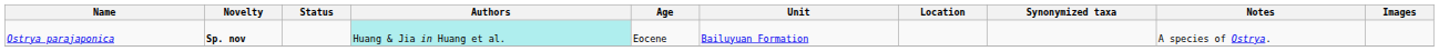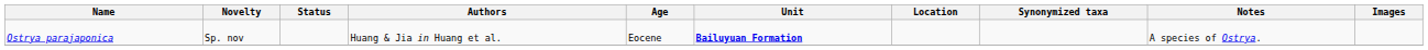 <table class="wikitable sortable" align="center" width="100%">
 <tr>
 <th>Name</th>
 <th>Novelty</th>
 <th>Status</th>
 <th>Authors</th>
 <th>Age</th>
 <th>Unit</th>
 <th>Location</th>
 <th>Synonymized taxa</th>
 <th>Notes</th>
 <th>Images</th>
 </tr>
 <tr>
 <td><br><em><a href='#'>Ostrya parajaponica</a></em></td>
-<td><strong><br>Sp. nov</strong></td>
+<td><br>Sp. nov</td>
 <td></td>
-<td style="background: paleturquoise;"><br>Huang & Jia <em>in</em> Huang et al.</td>
+<td><br>Huang & Jia <em>in</em> Huang et al.</td>
 <td><br>Eocene</td>
-<td><br><a href='#'>Bailuyuan Formation</a></td>
+<td><strong><br><a href='#'>Bailuyuan Formation</a></strong></td>
 <td><br></td>
 <td></td>
 <td><br>A species of <em><a href='#'>Ostrya</a></em>.</td>
 <td></td>
 </tr>
 <tr>
 </tr>
 </table>
